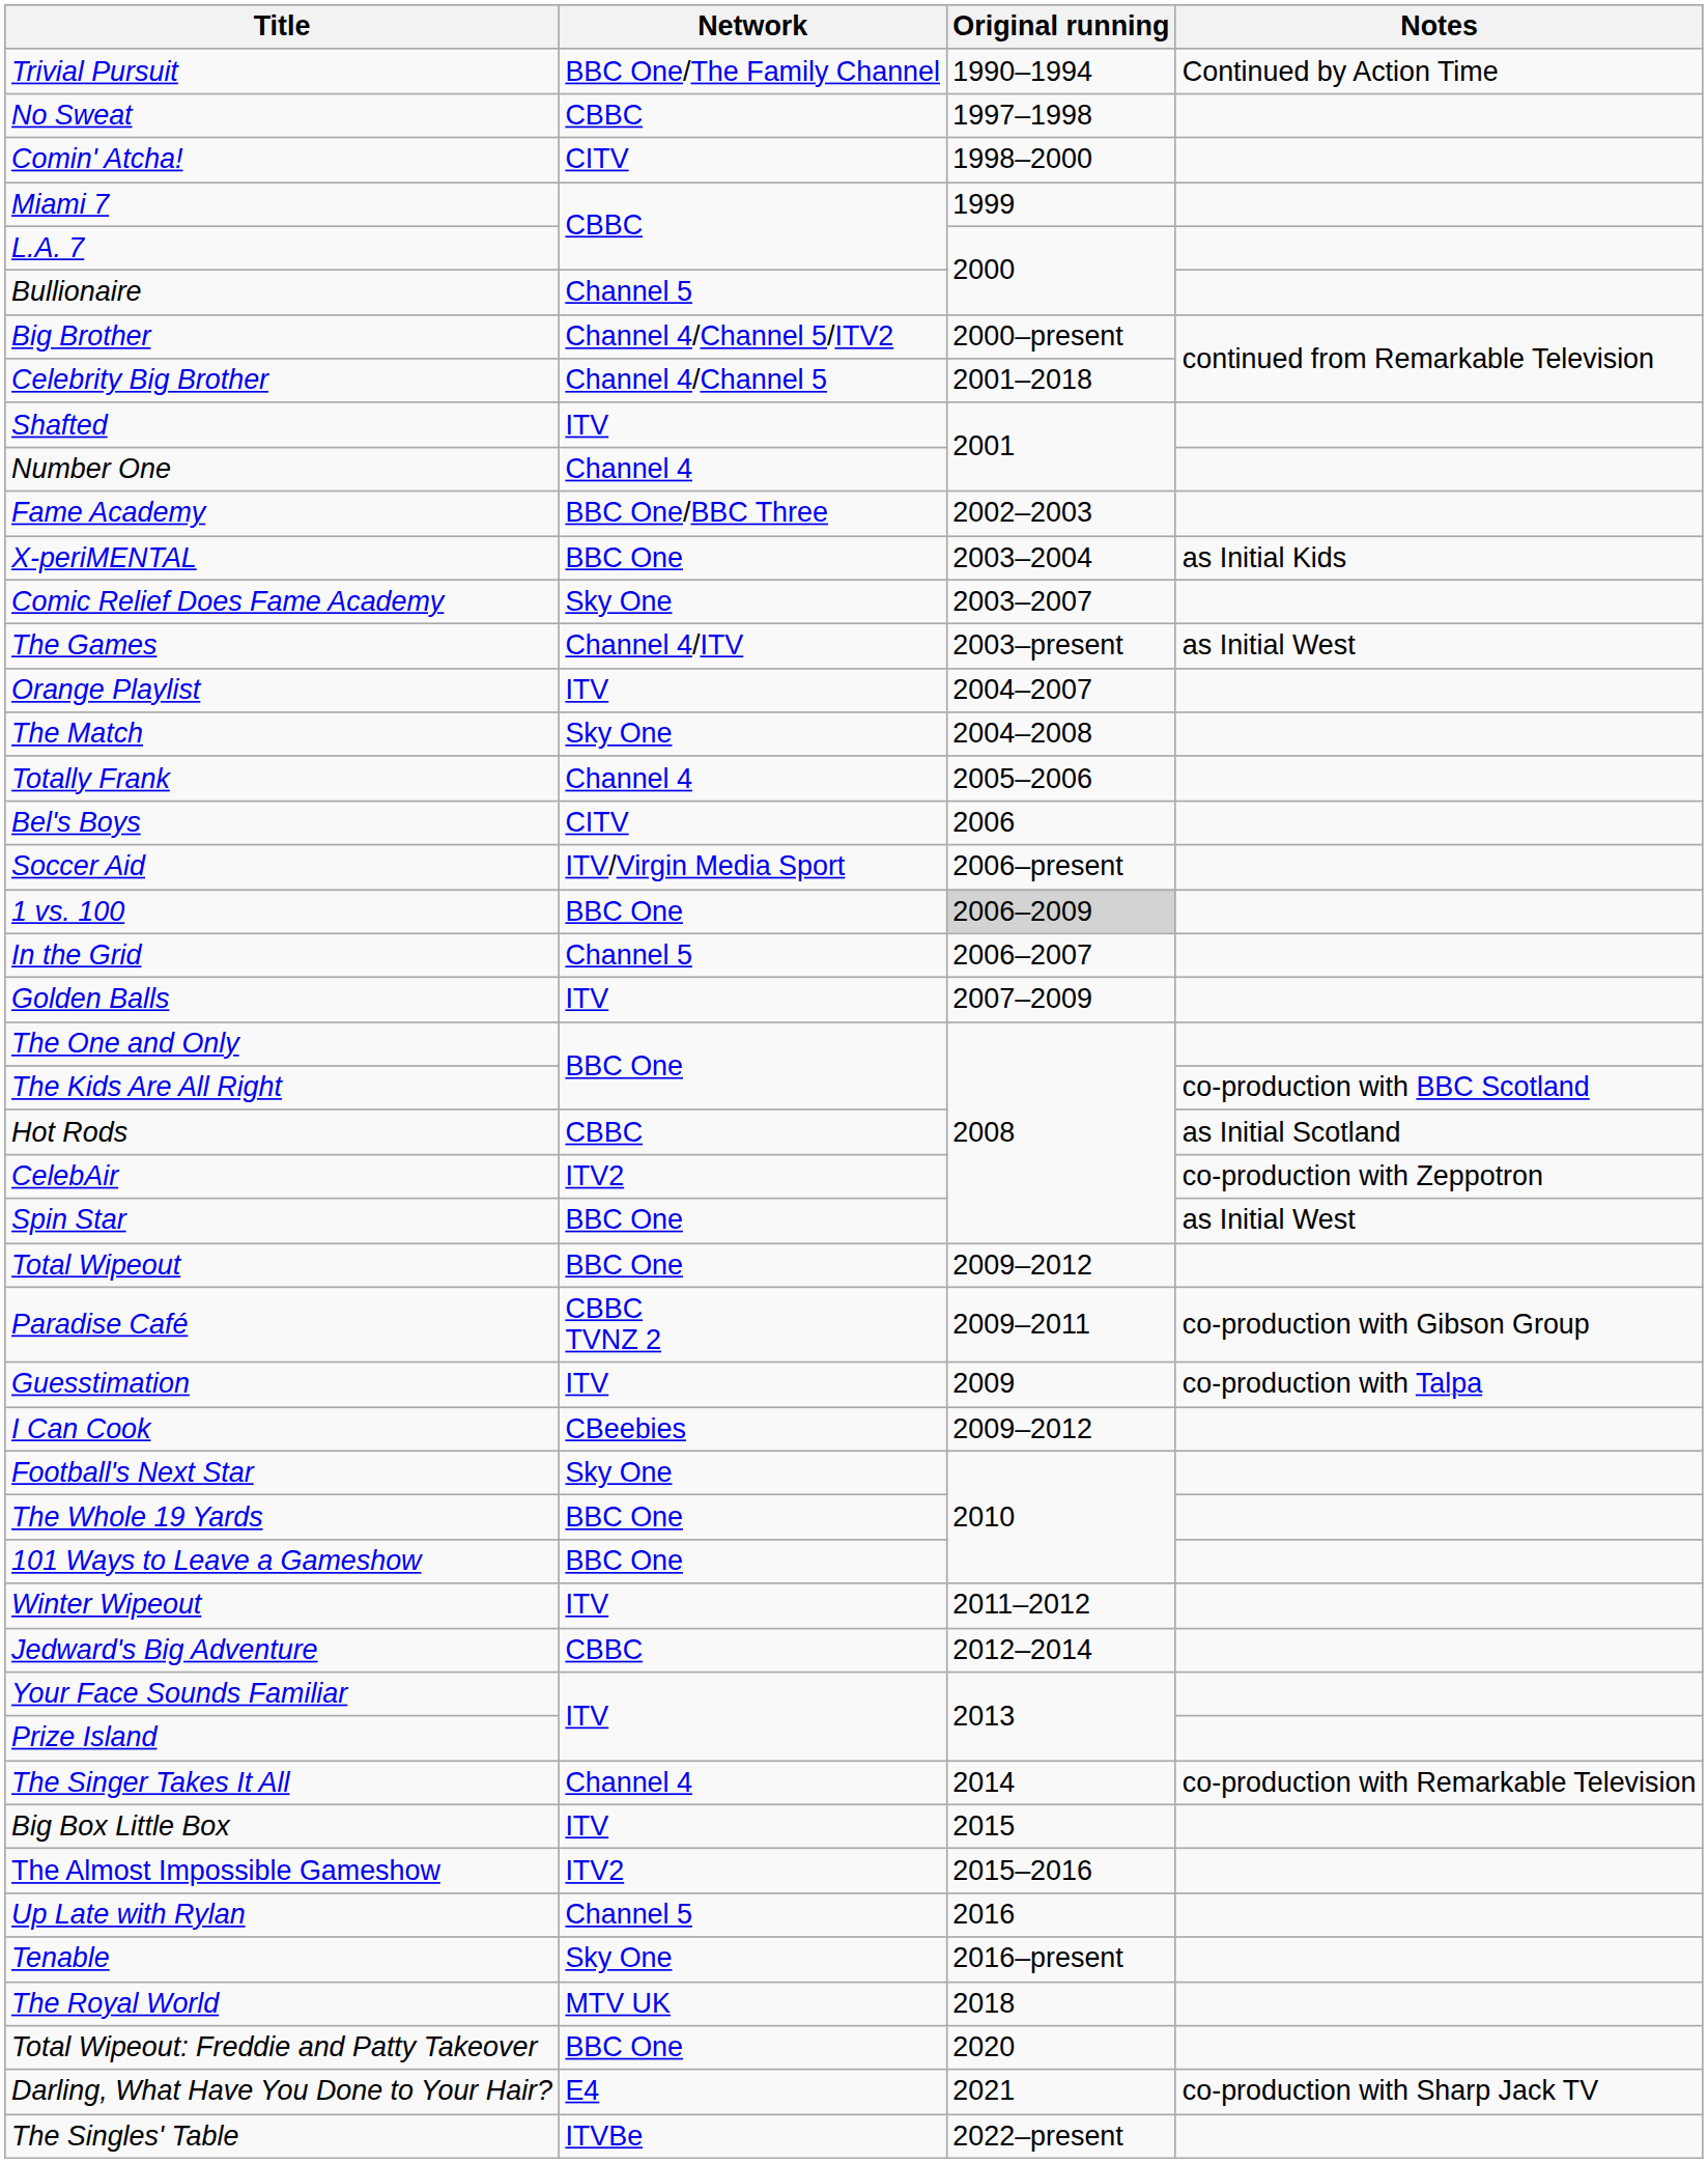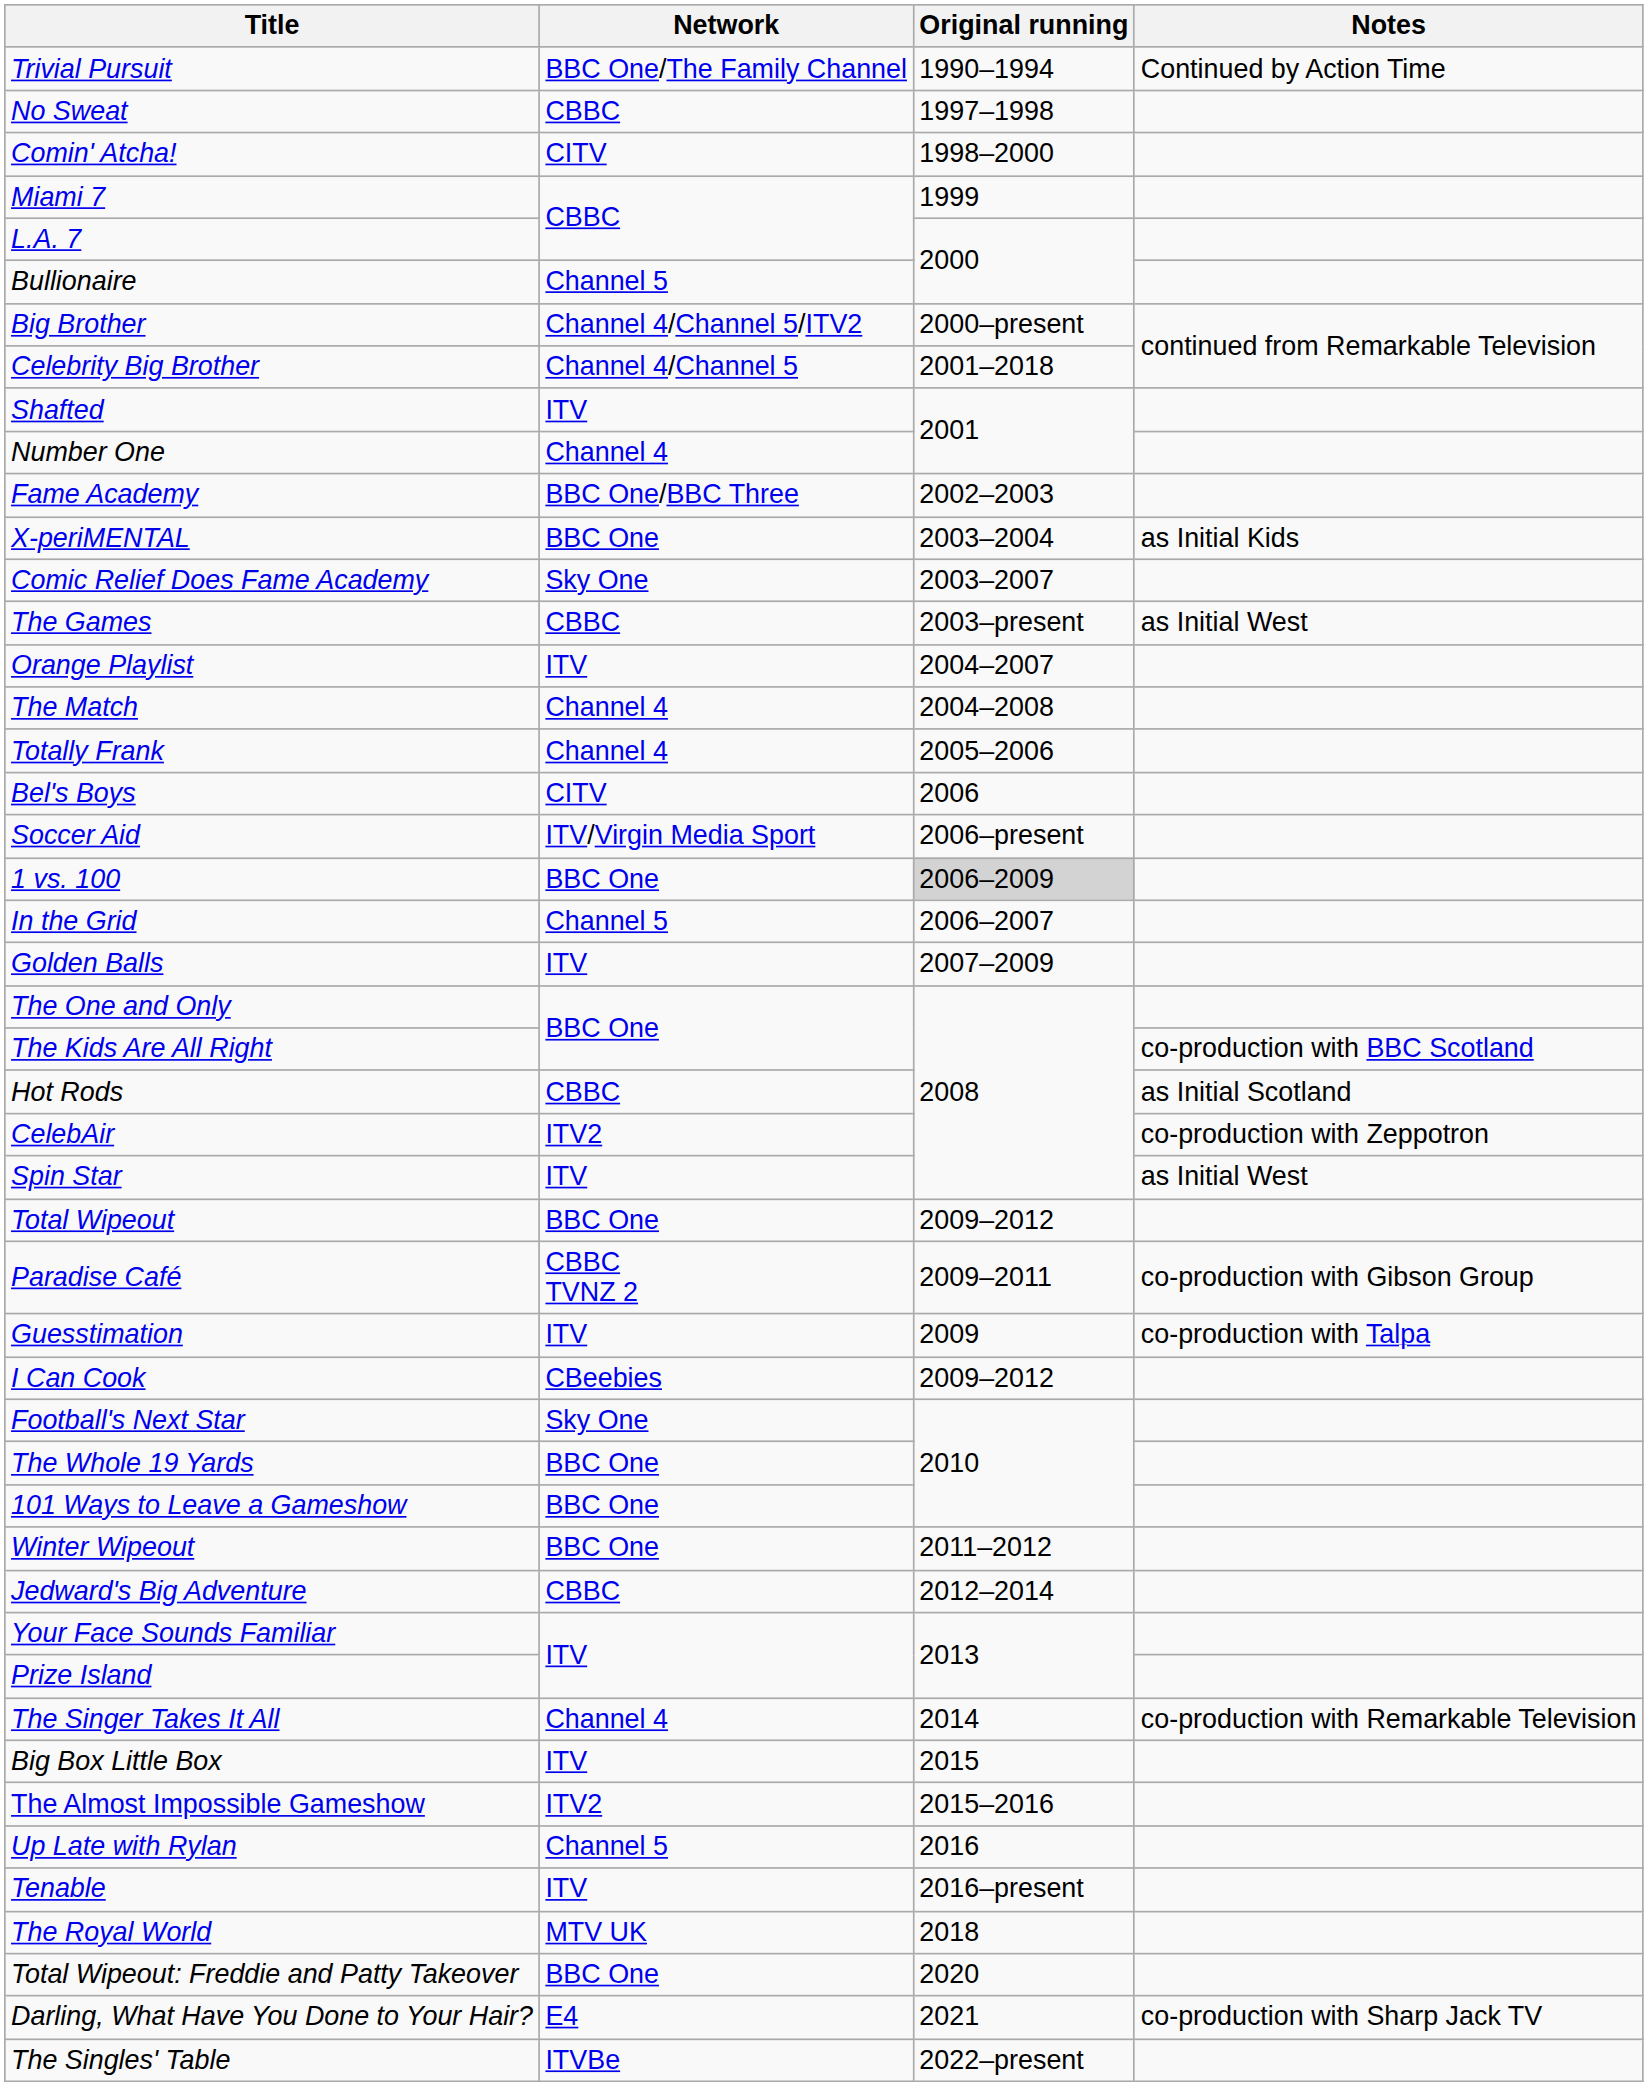 <table class="wikitable sortable">
 <tr>
 <th>Title</th>
 <th>Network</th>
 <th>Original running</th>
 <th>Notes</th>
 </tr>
 <tr>
 <td><em><a href='#'>Trivial Pursuit</a></em></td>
 <td><a href='#'>BBC One</a>/<a href='#'>The Family Channel</a></td>
 <td>1990–1994</td>
 <td>Continued by Action Time</td>
 </tr>
 <tr>
 <td><em><a href='#'>No Sweat</a></em></td>
 <td><a href='#'>CBBC</a></td>
 <td>1997–1998</td>
 <td></td>
 </tr>
 <tr>
 <td><em><a href='#'>Comin' Atcha!</a></em></td>
 <td><a href='#'>CITV</a></td>
 <td>1998–2000</td>
 <td></td>
 </tr>
 <tr>
 <td><em><a href='#'>Miami 7</a></em></td>
 <td rowspan="2"><a href='#'>CBBC</a></td>
 <td>1999</td>
 <td></td>
 </tr>
 <tr>
 <td><em><a href='#'>L.A. 7</a></em></td>
 <td rowspan="2">2000</td>
 <td></td>
 </tr>
 <tr>
 <td><em>Bullionaire</em></td>
 <td><a href='#'>Channel 5</a></td>
 <td></td>
 </tr>
 <tr>
 <td><em><a href='#'>Big Brother</a></em></td>
 <td><a href='#'>Channel 4</a>/<a href='#'>Channel 5</a>/<a href='#'>ITV2</a></td>
 <td>2000–present</td>
 <td rowspan="2">continued from Remarkable Television</td>
 </tr>
 <tr>
 <td><em><a href='#'>Celebrity Big Brother</a></em></td>
 <td><a href='#'>Channel 4</a>/<a href='#'>Channel 5</a></td>
 <td>2001–2018</td>
 </tr>
 <tr>
 <td><em><a href='#'>Shafted</a></em></td>
 <td><a href='#'>ITV</a></td>
 <td rowspan="2">2001</td>
 <td></td>
 </tr>
 <tr>
 <td><em>Number One</em></td>
 <td><a href='#'>Channel 4</a></td>
 <td></td>
 </tr>
 <tr>
 <td><em><a href='#'>Fame Academy</a></em></td>
 <td><a href='#'>BBC One</a>/<a href='#'>BBC Three</a></td>
 <td>2002–2003</td>
 <td></td>
 </tr>
 <tr>
 <td><em><a href='#'>X-periMENTAL</a></em></td>
 <td><a href='#'>BBC One</a></td>
 <td>2003–2004</td>
 <td>as Initial Kids</td>
 </tr>
 <tr>
 <td><em><a href='#'>Comic Relief Does Fame Academy</a></em></td>
 <td><a href='#'>Sky One</a></td>
 <td>2003–2007</td>
 <td></td>
 </tr>
 <tr>
 <td><em><a href='#'>The Games</a></em></td>
-<td><a href='#'>Channel 4</a>/<a href='#'>ITV</a></td>
+<td><a href='#'>CBBC</a></td>
 <td>2003–present</td>
 <td>as Initial West</td>
 </tr>
 <tr>
 <td><em><a href='#'>Orange Playlist</a></em></td>
 <td><a href='#'>ITV</a></td>
 <td>2004–2007</td>
 <td></td>
 </tr>
 <tr>
 <td><em><a href='#'>The Match</a></em></td>
-<td><a href='#'>Sky One</a></td>
+<td><a href='#'>Channel 4</a></td>
 <td>2004–2008</td>
 <td></td>
 </tr>
 <tr>
 <td><em><a href='#'>Totally Frank</a></em></td>
 <td><a href='#'>Channel 4</a></td>
 <td>2005–2006</td>
 <td></td>
 </tr>
 <tr>
 <td><em><a href='#'>Bel's Boys</a></em></td>
 <td><a href='#'>CITV</a></td>
 <td>2006</td>
 <td></td>
 </tr>
 <tr>
 <td><em><a href='#'>Soccer Aid</a></em></td>
 <td><a href='#'>ITV</a>/<a href='#'>Virgin Media Sport</a></td>
 <td>2006–present</td>
 <td></td>
 </tr>
 <tr>
 <td><em><a href='#'>1 vs. 100</a></em></td>
 <td><a href='#'>BBC One</a></td>
 <td style="background: lightgrey;">2006–2009</td>
 <td></td>
 </tr>
 <tr>
 <td><em><a href='#'>In the Grid</a></em></td>
 <td><a href='#'>Channel 5</a></td>
 <td>2006–2007</td>
 <td></td>
 </tr>
 <tr>
 <td><em><a href='#'>Golden Balls</a></em></td>
 <td><a href='#'>ITV</a></td>
 <td>2007–2009</td>
 <td></td>
 </tr>
 <tr>
 <td><em><a href='#'>The One and Only</a></em></td>
 <td rowspan="2"><a href='#'>BBC One</a></td>
 <td rowspan="5">2008</td>
 <td></td>
 </tr>
 <tr>
 <td><em><a href='#'>The Kids Are All Right</a></em></td>
 <td>co-production with <a href='#'>BBC Scotland</a></td>
 </tr>
 <tr>
 <td><em>Hot Rods</em></td>
 <td><a href='#'>CBBC</a></td>
 <td>as Initial Scotland</td>
 </tr>
 <tr>
 <td><em><a href='#'>CelebAir</a></em></td>
 <td><a href='#'>ITV2</a></td>
 <td>co-production with Zeppotron</td>
 </tr>
 <tr>
 <td><em><a href='#'>Spin Star</a></em></td>
-<td><a href='#'>BBC One</a></td>
+<td><a href='#'>ITV</a></td>
 <td>as Initial West</td>
 </tr>
 <tr>
 <td><em><a href='#'>Total Wipeout</a></em></td>
 <td><a href='#'>BBC One</a></td>
 <td>2009–2012</td>
 <td></td>
 </tr>
 <tr>
 <td><em><a href='#'>Paradise Café</a></em></td>
 <td><a href='#'>CBBC</a><br><a href='#'>TVNZ 2</a></td>
 <td>2009–2011</td>
 <td>co-production with Gibson Group</td>
 </tr>
 <tr>
 <td><em><a href='#'>Guesstimation</a></em></td>
 <td><a href='#'>ITV</a></td>
 <td>2009</td>
 <td>co-production with <a href='#'>Talpa</a></td>
 </tr>
 <tr>
 <td><em><a href='#'>I Can Cook</a></em></td>
 <td><a href='#'>CBeebies</a></td>
 <td>2009–2012</td>
 <td></td>
 </tr>
 <tr>
 <td><em><a href='#'>Football's Next Star</a></em></td>
 <td><a href='#'>Sky One</a></td>
 <td rowspan="3">2010</td>
 <td></td>
 </tr>
 <tr>
 <td><em><a href='#'>The Whole 19 Yards</a></em></td>
 <td><a href='#'>BBC One</a></td>
 <td></td>
 </tr>
 <tr>
 <td><em><a href='#'>101 Ways to Leave a Gameshow</a></em></td>
 <td><a href='#'>BBC One</a></td>
 <td></td>
 </tr>
 <tr>
 <td><em><a href='#'>Winter Wipeout</a></em></td>
-<td><a href='#'>ITV</a></td>
+<td><a href='#'>BBC One</a></td>
 <td>2011–2012</td>
 <td></td>
 </tr>
 <tr>
 <td><em><a href='#'>Jedward's Big Adventure</a></em></td>
 <td><a href='#'>CBBC</a></td>
 <td>2012–2014</td>
 <td></td>
 </tr>
 <tr>
 <td><em><a href='#'>Your Face Sounds Familiar</a></em></td>
 <td rowspan="2"><a href='#'>ITV</a></td>
 <td rowspan="2'">2013</td>
 <td></td>
 </tr>
 <tr>
 <td><em><a href='#'>Prize Island</a></em></td>
 <td></td>
 </tr>
 <tr>
 <td><em><a href='#'>The Singer Takes It All</a></em></td>
 <td><a href='#'>Channel 4</a></td>
 <td>2014</td>
 <td>co-production with Remarkable Television</td>
 </tr>
 <tr>
 <td><em>Big Box Little Box</em></td>
 <td><a href='#'>ITV</a></td>
 <td>2015</td>
 <td></td>
 </tr>
 <tr>
 <td><a href='#'>The Almost Impossible Gameshow</a></td>
 <td><a href='#'>ITV2</a></td>
 <td>2015–2016</td>
 <td></td>
 </tr>
 <tr>
 <td><em><a href='#'>Up Late with Rylan</a></em></td>
 <td><a href='#'>Channel 5</a></td>
 <td>2016</td>
 <td></td>
 </tr>
 <tr>
 <td><em><a href='#'>Tenable</a></em></td>
-<td><a href='#'>Sky One</a></td>
+<td><a href='#'>ITV</a></td>
 <td>2016–present</td>
 <td></td>
 </tr>
 <tr>
 <td><em><a href='#'>The Royal World</a></em></td>
 <td><a href='#'>MTV UK</a></td>
 <td>2018</td>
 <td></td>
 </tr>
 <tr>
 <td><em>Total Wipeout: Freddie and Patty Takeover</em></td>
 <td><a href='#'>BBC One</a></td>
 <td>2020</td>
 <td></td>
 </tr>
 <tr>
 <td><em>Darling, What Have You Done to Your Hair?</em></td>
 <td><a href='#'>E4</a></td>
 <td>2021</td>
 <td>co-production with Sharp Jack TV</td>
 </tr>
 <tr>
 <td><em>The Singles' Table</em></td>
 <td><a href='#'>ITVBe</a></td>
 <td>2022–present</td>
 <td></td>
 </tr>
 </table>
